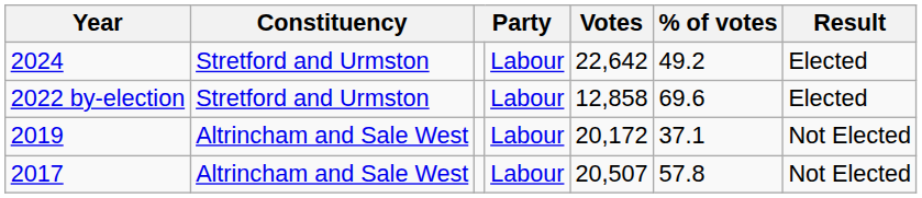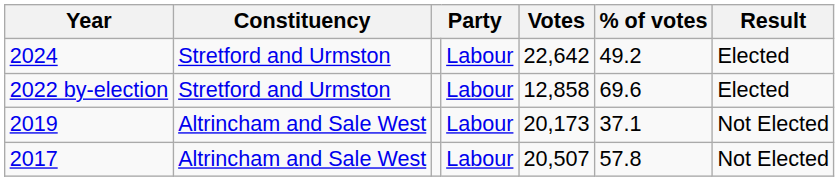 <table class="wikitable">
 <tr>
 <th>Year</th>
 <th>Constituency</th>
 <th colspan="2">Party</th>
 <th>Votes</th>
 <th>% of votes</th>
 <th>Result</th>
 </tr>
 <tr>
 <td><a href='#'>2024</a></td>
 <td><a href='#'>Stretford and Urmston</a></td>
 <td style="background-color: "></td>
 <td><a href='#'>Labour</a></td>
 <td>22,642</td>
 <td>49.2</td>
 <td> Elected</td>
 </tr>
 <tr>
 <td><a href='#'>2022 by-election</a></td>
 <td><a href='#'>Stretford and Urmston</a></td>
 <td style="background-color: "></td>
 <td><a href='#'>Labour</a></td>
 <td>12,858</td>
 <td>69.6</td>
 <td> Elected</td>
 </tr>
 <tr>
 <td><a href='#'>2019</a></td>
 <td><a href='#'>Altrincham and Sale West</a></td>
 <td style="background-color: "></td>
 <td><a href='#'>Labour</a></td>
-<td>20,172</td>
+<td>20,173</td>
 <td>37.1</td>
 <td>Not Elected</td>
 </tr>
 <tr>
 <td><a href='#'>2017</a></td>
 <td><a href='#'>Altrincham and Sale West</a></td>
 <td style="background-color: "></td>
 <td><a href='#'>Labour</a></td>
 <td>20,507</td>
 <td>57.8</td>
 <td>Not Elected</td>
 </tr>
 </table>
